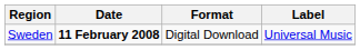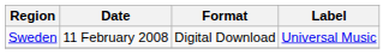 <table class=wikitable>
 <tr>
 <th>Region</th>
 <th>Date</th>
 <th>Format</th>
 <th>Label</th>
 </tr>
 <tr>
 <td><a href='#'>Sweden</a></td>
-<td><strong>11 February 2008</strong></td>
+<td>11 February 2008</td>
 <td>Digital Download</td>
 <td><a href='#'>Universal Music</a></td>
 </tr>
 <tr>
 </tr>
 </table>
